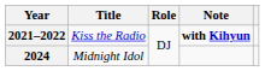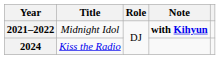 <table class="wikitable sortable plainrowheaders" style="text-align: center;">
 <tr>
 <th scope="col">Year</th>
 <th scope="col">Title</th>
 <th scope="col">Role</th>
 <th scope="col">Note</th>
 <th scope="col" class="unsortable"></th>
 </tr>
 <tr>
 <th scope="row">2021–2022</th>
-<td><em><a href='#'>Kiss the Radio</a></em></td>
+<td><em>Midnight Idol</em></td>
 <td rowspan="2">DJ</td>
 <td><strong>with <a href='#'>Kihyun</a></strong></td>
 <td></td>
 </tr>
 <tr>
 <th scope="row">2024</th>
-<td><em>Midnight Idol</em></td>
+<td><em><a href='#'>Kiss the Radio</a></em></td>
 <td></td>
 <td></td>
 </tr>
 </table>
